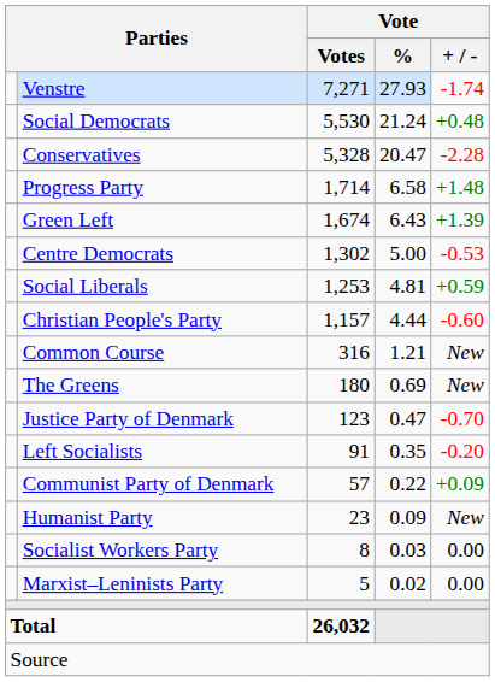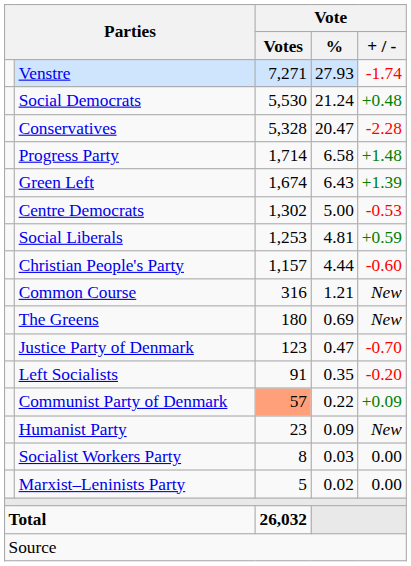 <table class="wikitable" style="text-align:right;">
 <tr>
 <th style="text-align:centre;" rowspan="2" colspan="2" width="225">Parties</th>
 <th colspan="3">Vote</th>
 </tr>
 <tr>
 <th width="15">Votes</th>
 <th width="15">%</th>
 <th width="15">+ / -</th>
 </tr>
 <tr>
 <td width="2" style="color:inherit;background:"></td>
 <td bgcolor=#cfe5fe  align="left"><a href='#'>Venstre</a></td>
 <td bgcolor=#cfe5fe>7,271</td>
 <td bgcolor=#cfe5fe>27.93</td>
 <td style=color:red;>-1.74</td>
 </tr>
 <tr>
 <td width="2" style="color:inherit;background:"></td>
 <td align="left"><a href='#'>Social Democrats</a></td>
 <td>5,530</td>
 <td>21.24</td>
 <td style=color:green;>+0.48</td>
 </tr>
 <tr>
 <td width="2" style="color:inherit;background:"></td>
 <td align="left"><a href='#'>Conservatives</a></td>
 <td>5,328</td>
 <td>20.47</td>
 <td style=color:red;>-2.28</td>
 </tr>
 <tr>
 <td width="2" style="color:inherit;background:"></td>
 <td align="left"><a href='#'>Progress Party</a></td>
 <td>1,714</td>
 <td>6.58</td>
 <td style=color:green;>+1.48</td>
 </tr>
 <tr>
 <td width="2" style="color:inherit;background:"></td>
 <td align="left"><a href='#'>Green Left</a></td>
 <td>1,674</td>
 <td>6.43</td>
 <td style=color:green;>+1.39</td>
 </tr>
 <tr>
 <td width="2" style="color:inherit;background:"></td>
 <td align="left"><a href='#'>Centre Democrats</a></td>
 <td>1,302</td>
 <td>5.00</td>
 <td style=color:red;>-0.53</td>
 </tr>
 <tr>
 <td width="2" style="color:inherit;background:"></td>
 <td align="left"><a href='#'>Social Liberals</a></td>
 <td>1,253</td>
 <td>4.81</td>
 <td style=color:green;>+0.59</td>
 </tr>
 <tr>
 <td width="2" style="color:inherit;background:"></td>
 <td align="left"><a href='#'>Christian People's Party</a></td>
 <td>1,157</td>
 <td>4.44</td>
 <td style=color:red;>-0.60</td>
 </tr>
 <tr>
 <td width="2" style="color:inherit;background:"></td>
 <td align="left"><a href='#'>Common Course</a></td>
 <td>316</td>
 <td>1.21</td>
 <td><em>New</em></td>
 </tr>
 <tr>
 <td width="2" style="color:inherit;background:"></td>
 <td align="left"><a href='#'>The Greens</a></td>
 <td>180</td>
 <td>0.69</td>
 <td><em>New</em></td>
 </tr>
 <tr>
 <td width="2" style="color:inherit;background:"></td>
 <td align="left"><a href='#'>Justice Party of Denmark</a></td>
 <td>123</td>
 <td>0.47</td>
 <td style=color:red;>-0.70</td>
 </tr>
 <tr>
 <td width="2" style="color:inherit;background:"></td>
 <td align="left"><a href='#'>Left Socialists</a></td>
 <td>91</td>
 <td>0.35</td>
 <td style=color:red;>-0.20</td>
 </tr>
 <tr>
 <td width="2" style="color:inherit;background:"></td>
 <td align="left"><a href='#'>Communist Party of Denmark</a></td>
-<td>57</td>
+<td style="background: lightsalmon;">57</td>
 <td>0.22</td>
 <td style=color:green;>+0.09</td>
 </tr>
 <tr>
 <td width="2" style="color:inherit;background:"></td>
 <td align="left"><a href='#'>Humanist Party</a></td>
 <td>23</td>
 <td>0.09</td>
 <td><em>New</em></td>
 </tr>
 <tr>
 <td width="2" style="color:inherit;background:"></td>
 <td align="left"><a href='#'>Socialist Workers Party</a></td>
 <td>8</td>
 <td>0.03</td>
 <td>0.00</td>
 </tr>
 <tr>
 <td width="2" style="color:inherit;background:"></td>
 <td align="left"><a href='#'>Marxist–Leninists Party</a></td>
 <td>5</td>
 <td>0.02</td>
 <td>0.00</td>
 </tr>
 <tr>
 <td colspan="7" bgcolor="#E9E9E9"></td>
 </tr>
 <tr>
 <td align="left" colspan="2"><strong>Total</strong></td>
 <td><strong>26,032</strong></td>
 <td bgcolor="#E9E9E9" colspan="2"></td>
 </tr>
 <tr>
 <td align="left" colspan="6">Source</td>
 </tr>
 </table>
